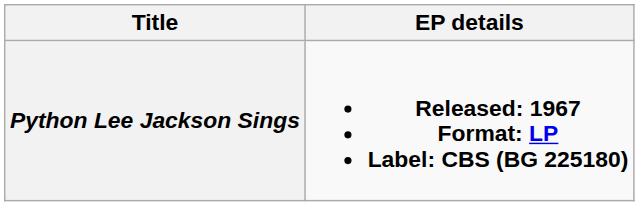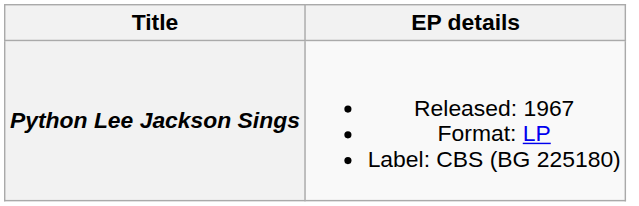 <table class="wikitable plainrowheaders" style="text-align:center;" border="1">
 <tr>
 <th>Title</th>
 <th>EP details</th>
 </tr>
 <tr>
 <th scope="row"><em>Python Lee Jackson Sings</em></th>
-<td><strong><br><ul><li>Released: 1967</li><li>Format: <a href='#'>LP</a></li><li>Label: CBS (BG 225180)</li></ul></strong></td>
+<td><br><ul><li>Released: 1967</li><li>Format: <a href='#'>LP</a></li><li>Label: CBS (BG 225180)</li></ul></td>
 </tr>
 </table>
